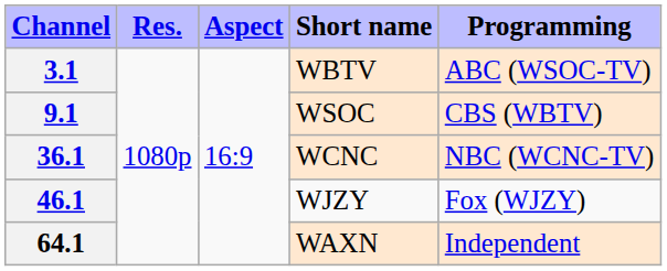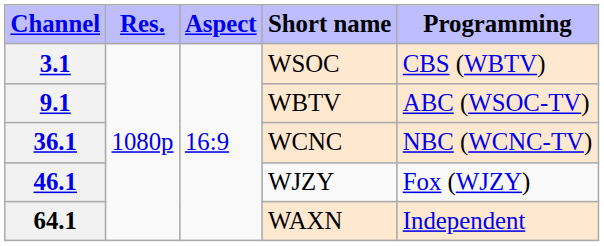 <table class="wikitable">
 <tr>
 <th style="background-color: #bdbdff" scope = "col"><a href='#'>Channel</a></th>
 <th style="background-color: #bdbdff" scope = "col"><a href='#'>Res.</a></th>
 <th style="background-color: #bdbdff" scope = "col"><a href='#'>Aspect</a></th>
 <th style="background-color: #bdbdff" scope = "col">Short name</th>
 <th style="background-color: #bdbdff" scope = "col">Programming</th>
 </tr>
 <tr>
 <th scope = "row"><a href='#'>3.1</a></th>
 <td rowspan=5><a href='#'>1080p</a></td>
 <td rowspan=5><a href='#'>16:9</a></td>
-<td style="background-color:#ffe8d0">WBTV</td>
-<td style="background-color:#ffe8d0"><a href='#'>ABC</a> (<a href='#'>WSOC-TV</a>) </td>
+<td style="background-color:#ffe8d0">WSOC</td>
+<td style="background-color:#ffe8d0"><a href='#'>CBS</a> (<a href='#'>WBTV</a>) </td>
 </tr>
 <tr>
 <th scope = "row"><a href='#'>9.1</a></th>
-<td style="background-color:#ffe8d0">WSOC</td>
-<td style="background-color:#ffe8d0"><a href='#'>CBS</a> (<a href='#'>WBTV</a>) </td>
+<td style="background-color:#ffe8d0">WBTV</td>
+<td style="background-color:#ffe8d0"><a href='#'>ABC</a> (<a href='#'>WSOC-TV</a>) </td>
 </tr>
 <tr>
 <th scope = "row"><a href='#'>36.1</a></th>
 <td style="background-color:#ffe8d0">WCNC</td>
 <td style="background-color:#ffe8d0"><a href='#'>NBC</a> (<a href='#'>WCNC-TV</a>) </td>
 </tr>
 <tr>
 <th scope = "row"><a href='#'>46.1</a></th>
 <td>WJZY</td>
 <td><a href='#'>Fox</a> (<a href='#'>WJZY</a>)</td>
 </tr>
 <tr>
 <th scope = "row">64.1</th>
 <td style="background-color:#ffe8d0">WAXN</td>
 <td style="background-color:#ffe8d0"><a href='#'>Independent</a> </td>
 </tr>
 </table>
